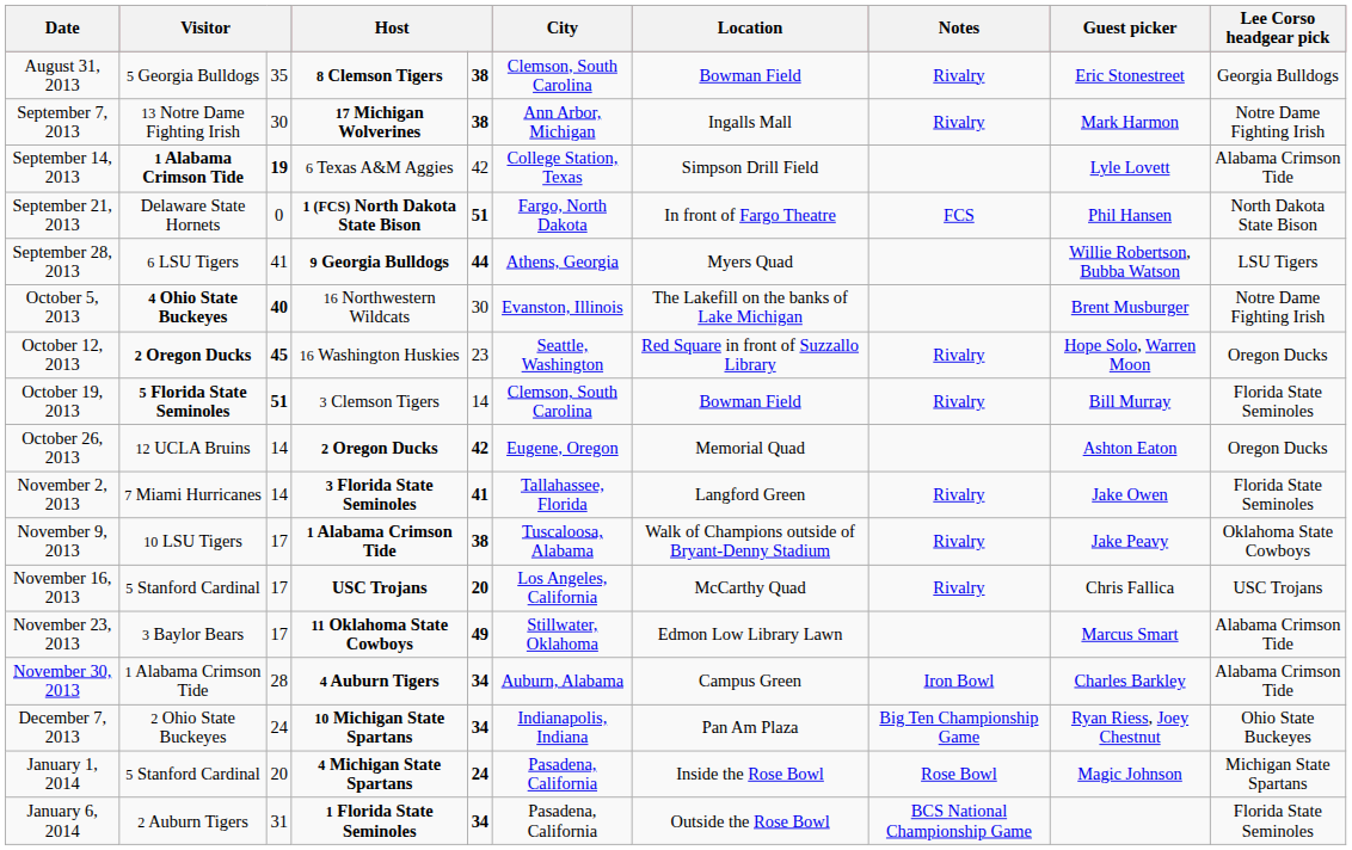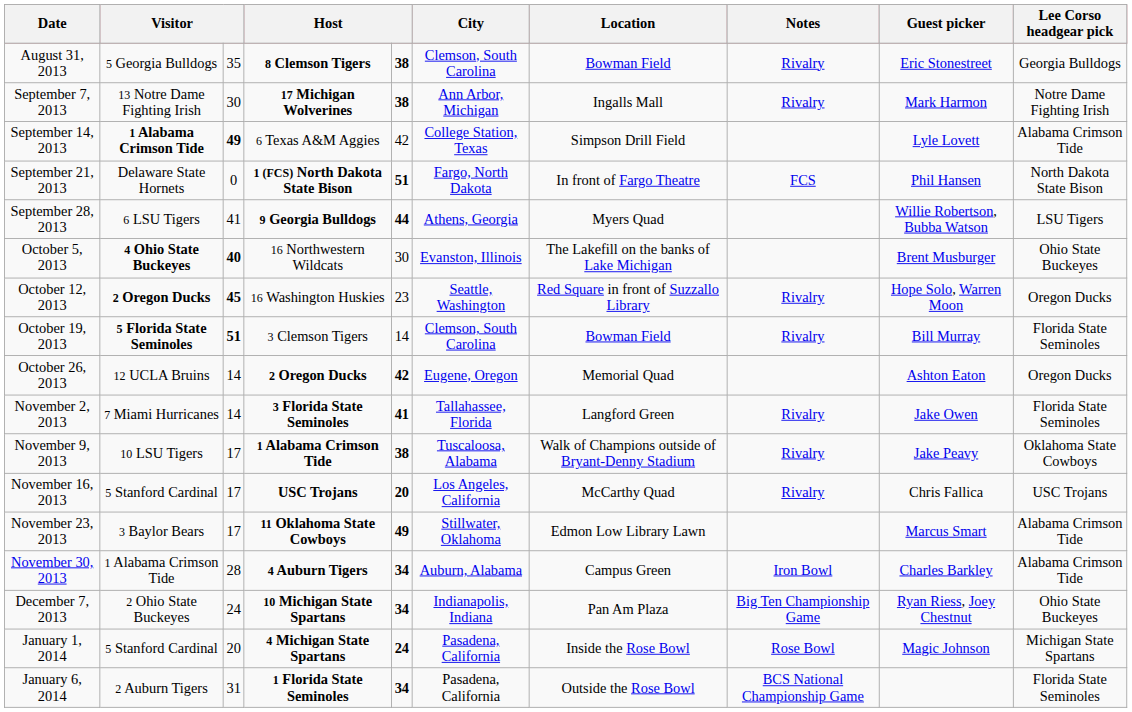 <table class="wikitable" style="text-align:center">
 <tr style="background:#A32638;"|>
 <th>Date</th>
 <th colspan=2>Visitor</th>
 <th colspan=2>Host</th>
 <th>City</th>
 <th>Location</th>
 <th>Notes</th>
 <th>Guest picker</th>
 <th>Lee Corso headgear pick</th>
 </tr>
 <tr>
 <td>August 31, 2013</td>
 <td><small>5</small> Georgia Bulldogs</td>
 <td>35</td>
 <td><strong><small>8</small> Clemson Tigers</strong></td>
 <td><strong>38</strong></td>
 <td><a href='#'>Clemson, South Carolina</a></td>
 <td><a href='#'>Bowman Field</a></td>
 <td><a href='#'>Rivalry</a></td>
 <td><a href='#'>Eric Stonestreet</a></td>
 <td>Georgia Bulldogs</td>
 </tr>
 <tr>
 <td>September 7, 2013</td>
 <td><small>13</small> Notre Dame Fighting Irish</td>
 <td>30</td>
 <td><strong><small>17</small> Michigan Wolverines</strong></td>
 <td><strong>38</strong></td>
 <td><a href='#'>Ann Arbor, Michigan</a></td>
 <td>Ingalls Mall</td>
 <td><a href='#'>Rivalry</a></td>
 <td><a href='#'>Mark Harmon</a></td>
 <td>Notre Dame Fighting Irish</td>
 </tr>
 <tr>
 <td>September 14, 2013</td>
 <td><strong><small>1</small> Alabama Crimson Tide</strong></td>
-<td><strong>19</strong></td>
+<td><strong>49</strong></td>
 <td><small>6</small> Texas A&M Aggies</td>
 <td>42</td>
 <td><a href='#'>College Station, Texas</a></td>
 <td>Simpson Drill Field</td>
 <td></td>
 <td><a href='#'>Lyle Lovett</a></td>
 <td>Alabama Crimson Tide</td>
 </tr>
 <tr>
 <td>September 21, 2013</td>
 <td>Delaware State Hornets</td>
 <td>0</td>
 <td><strong><small>1 (FCS)</small> North Dakota State Bison</strong></td>
 <td><strong>51</strong></td>
 <td><a href='#'>Fargo, North Dakota</a></td>
 <td>In front of <a href='#'>Fargo Theatre</a></td>
 <td><a href='#'>FCS</a></td>
 <td><a href='#'>Phil Hansen</a></td>
 <td>North Dakota State Bison</td>
 </tr>
 <tr>
 <td>September 28, 2013</td>
 <td><small>6</small> LSU Tigers</td>
 <td>41</td>
 <td><strong><small>9</small> Georgia Bulldogs</strong></td>
 <td><strong>44</strong></td>
 <td><a href='#'>Athens, Georgia</a></td>
 <td>Myers Quad</td>
 <td></td>
 <td><a href='#'>Willie Robertson</a>, <a href='#'>Bubba Watson</a></td>
 <td>LSU Tigers</td>
 </tr>
 <tr>
 <td>October 5, 2013</td>
 <td><strong><small>4</small> Ohio State Buckeyes</strong></td>
 <td><strong>40</strong></td>
 <td><small>16</small> Northwestern Wildcats</td>
 <td>30</td>
 <td><a href='#'>Evanston, Illinois</a></td>
 <td>The Lakefill on the banks of <a href='#'>Lake Michigan</a></td>
 <td></td>
 <td><a href='#'>Brent Musburger</a></td>
-<td>Notre Dame Fighting Irish</td>
+<td>Ohio State Buckeyes</td>
 </tr>
 <tr>
 <td>October 12, 2013</td>
 <td><strong><small>2</small> Oregon Ducks</strong></td>
 <td><strong>45</strong></td>
 <td><small>16</small> Washington Huskies</td>
 <td>23</td>
 <td><a href='#'>Seattle, Washington</a></td>
 <td><a href='#'>Red Square</a> in front of <a href='#'>Suzzallo Library</a></td>
 <td><a href='#'>Rivalry</a></td>
 <td><a href='#'>Hope Solo</a>, <a href='#'>Warren Moon</a></td>
 <td>Oregon Ducks</td>
 </tr>
 <tr>
 <td>October 19, 2013</td>
 <td><strong><small>5</small> Florida State Seminoles</strong></td>
 <td><strong>51</strong></td>
 <td><small>3</small> Clemson Tigers</td>
 <td>14</td>
 <td><a href='#'>Clemson, South Carolina</a></td>
 <td><a href='#'>Bowman Field</a></td>
 <td><a href='#'>Rivalry</a></td>
 <td><a href='#'>Bill Murray</a></td>
 <td>Florida State Seminoles</td>
 </tr>
 <tr>
 <td>October 26, 2013</td>
 <td><small>12</small> UCLA Bruins</td>
 <td>14</td>
 <td><strong><small>2</small> Oregon Ducks</strong></td>
 <td><strong>42</strong></td>
 <td><a href='#'>Eugene, Oregon</a></td>
 <td>Memorial Quad</td>
 <td></td>
 <td><a href='#'>Ashton Eaton</a></td>
 <td>Oregon Ducks</td>
 </tr>
 <tr>
 <td>November 2, 2013</td>
 <td><small>7</small> Miami Hurricanes</td>
 <td>14</td>
 <td><strong><small>3</small> Florida State Seminoles</strong></td>
 <td><strong>41</strong></td>
 <td><a href='#'>Tallahassee, Florida</a></td>
 <td>Langford Green</td>
 <td><a href='#'>Rivalry</a></td>
 <td><a href='#'>Jake Owen</a></td>
 <td>Florida State Seminoles</td>
 </tr>
 <tr>
 <td>November 9, 2013</td>
 <td><small>10</small> LSU Tigers</td>
 <td>17</td>
 <td><strong><small>1</small> Alabama Crimson Tide</strong></td>
 <td><strong>38</strong></td>
 <td><a href='#'>Tuscaloosa, Alabama</a></td>
 <td>Walk of Champions outside of <a href='#'>Bryant-Denny Stadium</a></td>
 <td><a href='#'>Rivalry</a></td>
 <td><a href='#'>Jake Peavy</a></td>
 <td>Oklahoma State Cowboys</td>
 </tr>
 <tr>
 <td>November 16, 2013</td>
 <td><small>5</small> Stanford Cardinal</td>
 <td>17</td>
 <td><strong>USC Trojans</strong></td>
 <td><strong>20</strong></td>
 <td><a href='#'>Los Angeles, California</a></td>
 <td>McCarthy Quad</td>
 <td><a href='#'>Rivalry</a></td>
 <td>Chris Fallica</td>
 <td>USC Trojans</td>
 </tr>
 <tr>
 <td>November 23, 2013</td>
 <td><small>3</small> Baylor Bears</td>
 <td>17</td>
 <td><strong><small>11</small> Oklahoma State Cowboys</strong></td>
 <td><strong>49</strong></td>
 <td><a href='#'>Stillwater, Oklahoma</a></td>
 <td>Edmon Low Library Lawn</td>
 <td></td>
 <td><a href='#'>Marcus Smart</a></td>
 <td>Alabama Crimson Tide</td>
 </tr>
 <tr>
 <td><a href='#'>November 30, 2013</a></td>
 <td><small>1</small> Alabama Crimson Tide</td>
 <td>28</td>
 <td><strong><small>4</small> Auburn Tigers</strong></td>
 <td><strong>34</strong></td>
 <td><a href='#'>Auburn, Alabama</a></td>
 <td>Campus Green</td>
 <td><a href='#'>Iron Bowl</a></td>
 <td><a href='#'>Charles Barkley</a></td>
 <td>Alabama Crimson Tide</td>
 </tr>
 <tr>
 <td>December 7, 2013</td>
 <td><small>2</small> Ohio State Buckeyes</td>
 <td>24</td>
 <td><strong><small>10</small> Michigan State Spartans</strong></td>
 <td><strong>34</strong></td>
 <td><a href='#'>Indianapolis, Indiana</a></td>
 <td>Pan Am Plaza</td>
 <td><a href='#'>Big Ten Championship Game</a></td>
 <td><a href='#'>Ryan Riess</a>, <a href='#'>Joey Chestnut</a></td>
 <td>Ohio State Buckeyes</td>
 </tr>
 <tr>
 <td>January 1, 2014</td>
 <td><small>5</small> Stanford Cardinal</td>
 <td>20</td>
 <td><strong><small>4</small> Michigan State Spartans</strong></td>
 <td><strong>24</strong></td>
 <td><a href='#'>Pasadena, California</a></td>
 <td>Inside the <a href='#'>Rose Bowl</a></td>
 <td><a href='#'>Rose Bowl</a></td>
 <td><a href='#'>Magic Johnson</a></td>
 <td>Michigan State Spartans</td>
 </tr>
 <tr>
 <td>January 6, 2014</td>
 <td><small>2</small> Auburn Tigers</td>
 <td>31</td>
 <td><strong><small>1</small> Florida State Seminoles</strong></td>
 <td><strong>34</strong></td>
 <td>Pasadena, California</td>
 <td>Outside the <a href='#'>Rose Bowl</a></td>
 <td><a href='#'>BCS National Championship Game</a></td>
 <td></td>
 <td>Florida State Seminoles</td>
 </tr>
 </table>
